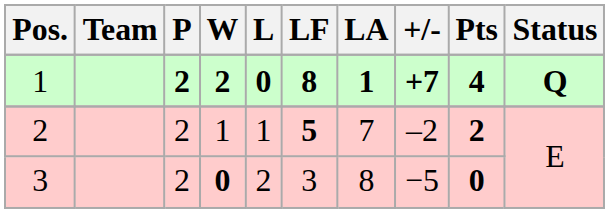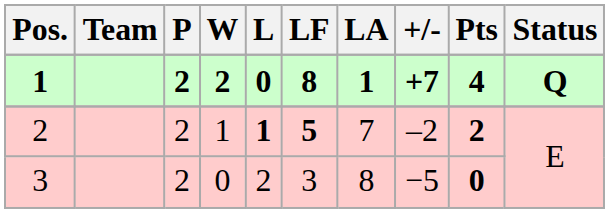 <table class="wikitable" style="text-align:center; margin: 1em auto 1em auto, align:left">
 <tr>
 <th>Pos.</th>
 <th>Team</th>
 <th>P</th>
 <th>W</th>
 <th>L</th>
 <th>LF</th>
 <th>LA</th>
 <th>+/-</th>
 <th>Pts</th>
 <th>Status</th>
 </tr>
 <tr>
 </tr>
 <tr style="background-color:#ccffcc">
-<td>1</td>
+<td><strong>1</strong></td>
 <td style="text-align:left;"></td>
 <td><strong>2</strong></td>
 <td><strong>2</strong></td>
 <td><strong>0</strong></td>
 <td><strong>8</strong></td>
 <td><strong>1</strong></td>
 <td><strong>+7</strong></td>
 <td><strong>4</strong></td>
 <td><strong>Q</strong></td>
 </tr>
 <tr>
 </tr>
 <tr style="background-color:#FFCCCC">
 <td>2</td>
 <td style="text-align:left;"></td>
 <td>2</td>
 <td>1</td>
-<td>1</td>
+<td><strong>1</strong></td>
 <td><strong>5</strong></td>
 <td>7</td>
 <td>–2</td>
 <td><strong>2</strong></td>
 <td rowspan=2>E</td>
 </tr>
 <tr style="background-color:#FFCCCC">
 <td>3</td>
 <td style="text-align:left;"></td>
 <td>2</td>
-<td><strong>0</strong></td>
+<td>0</td>
 <td>2</td>
 <td>3</td>
 <td>8</td>
 <td>−5</td>
 <td><strong>0</strong></td>
 </tr>
 </table>
